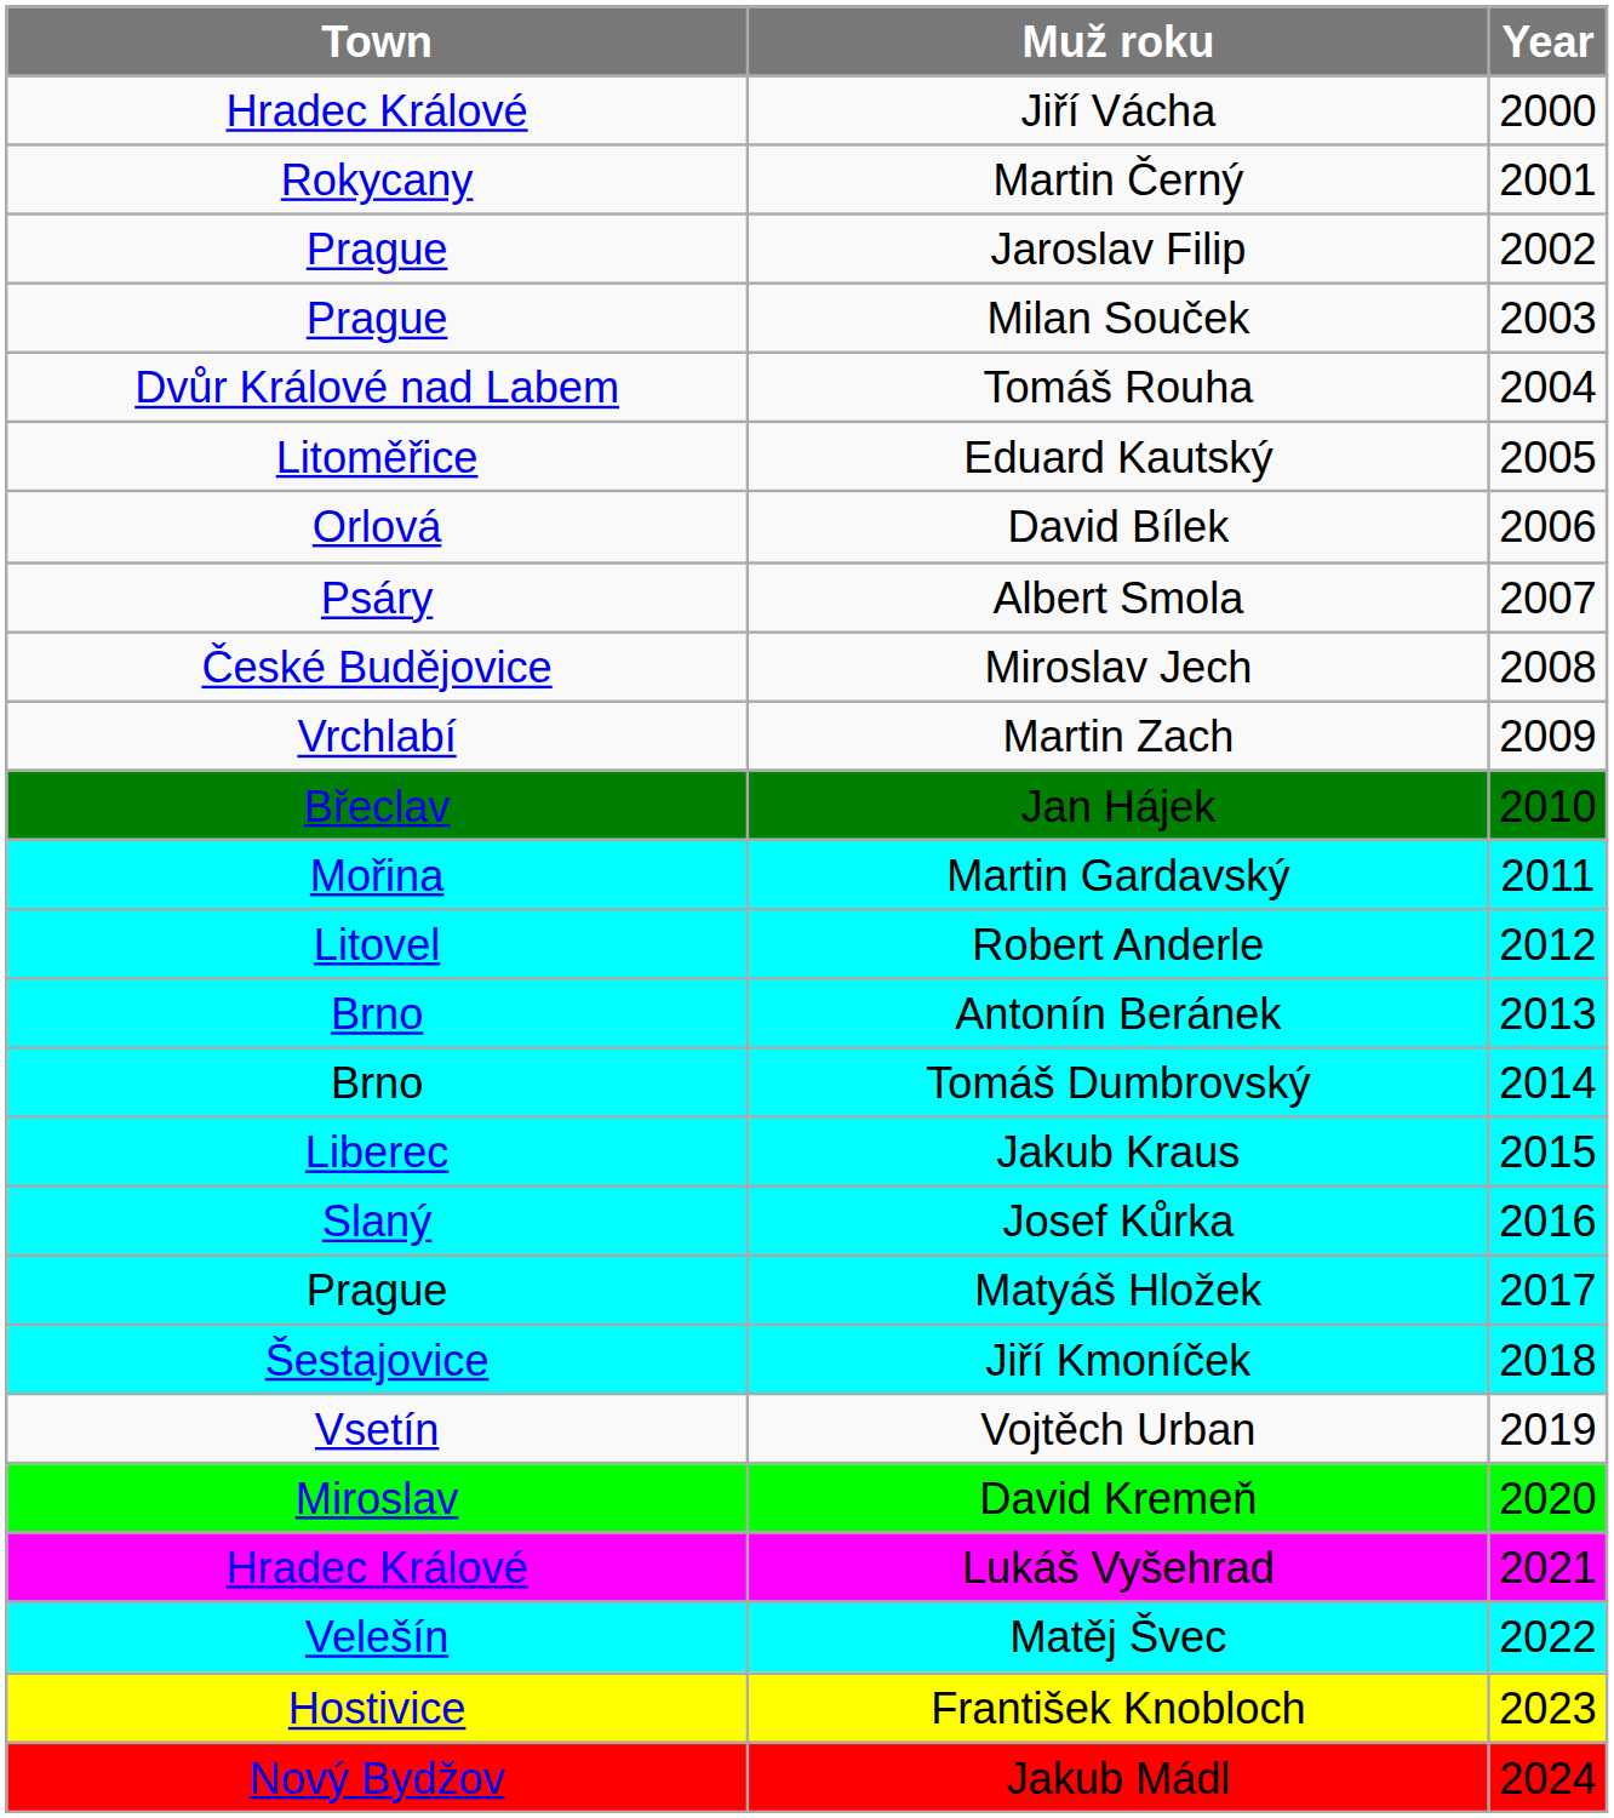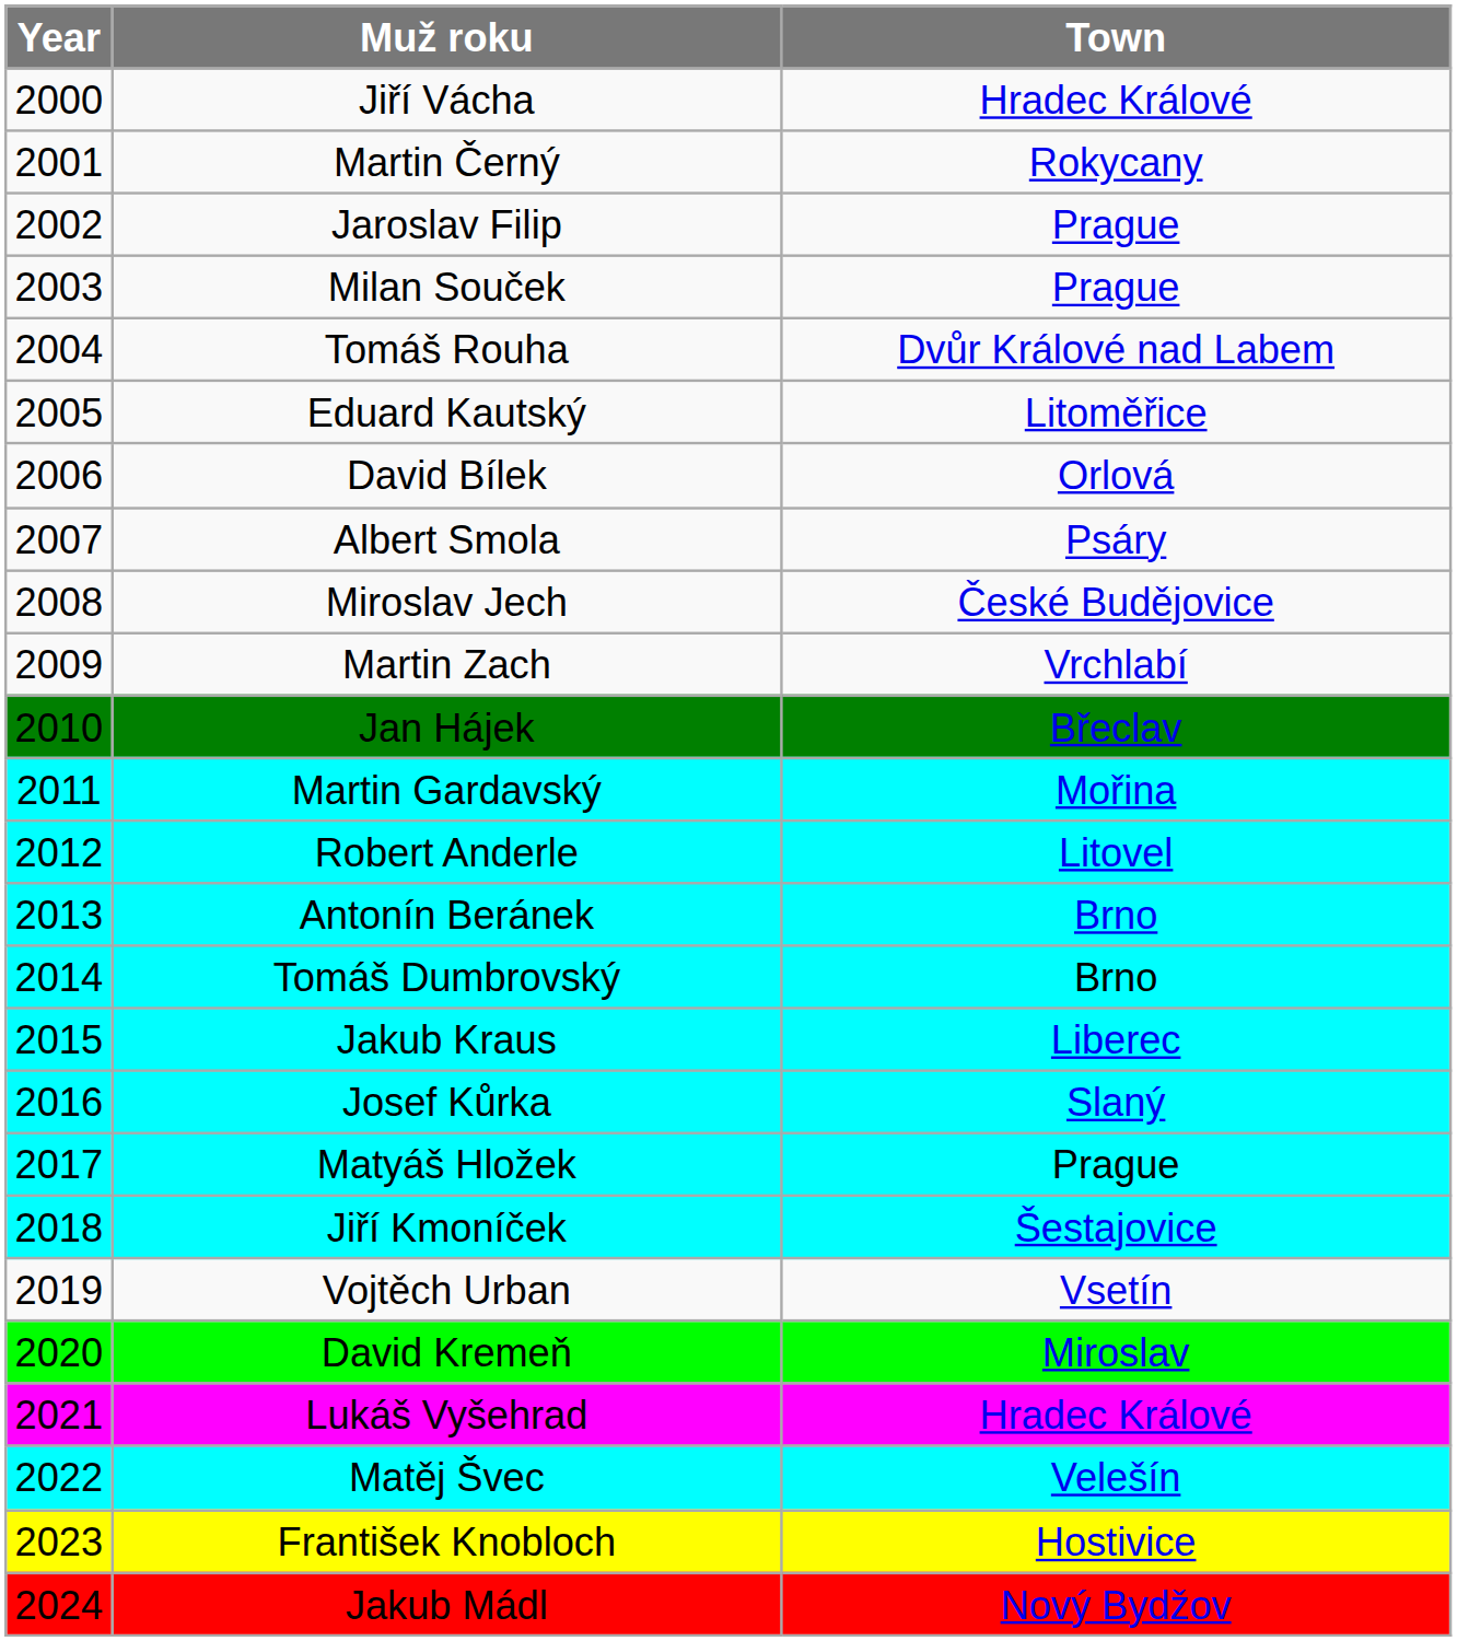 <table class="wikitable sortable" style="font-size: 95%; text-align:center">
 <tr>
+<th width="30" style="background-color:#787878;color:#FFFFFF;">Year</th>
+<th width="250" style="background-color:#787878;color:#FFFFFF;">Muž roku</th>
 <th width="250" style="background-color:#787878;color:#FFFFFF;">Town</th>
-<th width="250" style="background-color:#787878;color:#FFFFFF;">Muž roku</th>
-<th width="30" style="background-color:#787878;color:#FFFFFF;">Year</th>
 </tr>
 <tr>
+<td>2000</td>
+<td>Jiří Vácha</td>
 <td><a href='#'>Hradec Králové</a></td>
-<td>Jiří Vácha</td>
-<td>2000</td>
 </tr>
 <tr>
+<td>2001</td>
+<td>Martin Černý</td>
 <td><a href='#'>Rokycany</a></td>
-<td>Martin Černý</td>
-<td>2001</td>
 </tr>
 <tr>
+<td>2002</td>
+<td>Jaroslav Filip</td>
 <td><a href='#'>Prague</a></td>
-<td>Jaroslav Filip</td>
-<td>2002</td>
 </tr>
 <tr>
+<td>2003</td>
+<td>Milan Souček</td>
 <td><a href='#'>Prague</a></td>
-<td>Milan Souček</td>
-<td>2003</td>
 </tr>
 <tr>
+<td>2004</td>
+<td>Tomáš Rouha</td>
 <td><a href='#'>Dvůr Králové nad Labem</a></td>
-<td>Tomáš Rouha</td>
-<td>2004</td>
 </tr>
 <tr>
+<td>2005</td>
+<td>Eduard Kautský</td>
 <td><a href='#'>Litoměřice</a></td>
-<td>Eduard Kautský</td>
-<td>2005</td>
 </tr>
 <tr>
+<td>2006</td>
+<td>David Bílek</td>
 <td><a href='#'>Orlová</a></td>
-<td>David Bílek</td>
-<td>2006</td>
 </tr>
 <tr>
+<td>2007</td>
+<td>Albert Smola</td>
 <td><a href='#'>Psáry</a></td>
-<td>Albert Smola</td>
-<td>2007</td>
 </tr>
 <tr>
+<td>2008</td>
+<td>Miroslav Jech</td>
 <td><a href='#'>České Budějovice</a></td>
-<td>Miroslav Jech</td>
-<td>2008</td>
 </tr>
 <tr>
+<td>2009</td>
+<td>Martin Zach</td>
 <td><a href='#'>Vrchlabí</a></td>
-<td>Martin Zach</td>
-<td>2009</td>
 </tr>
 <tr style="background-color: green">
+<td>2010</td>
+<td>Jan Hájek</td>
 <td><a href='#'>Břeclav</a></td>
-<td>Jan Hájek</td>
-<td>2010</td>
 </tr>
 <tr style="background-color: aqua">
+<td>2011</td>
+<td>Martin Gardavský</td>
 <td><a href='#'>Mořina</a></td>
-<td>Martin Gardavský</td>
-<td>2011</td>
 </tr>
 <tr style="background-color: aqua">
+<td>2012</td>
+<td>Robert Anderle</td>
 <td><a href='#'>Litovel</a></td>
-<td>Robert Anderle</td>
-<td>2012</td>
 </tr>
 <tr style="background-color: aqua">
+<td>2013</td>
+<td>Antonín Beránek</td>
 <td><a href='#'>Brno</a></td>
-<td>Antonín Beránek</td>
-<td>2013</td>
 </tr>
 <tr style="background-color: aqua">
+<td>2014</td>
+<td>Tomáš Dumbrovský</td>
 <td>Brno</td>
-<td>Tomáš Dumbrovský</td>
-<td>2014</td>
 </tr>
 <tr style="background-color: aqua">
+<td>2015</td>
+<td>Jakub Kraus</td>
 <td><a href='#'>Liberec</a></td>
-<td>Jakub Kraus</td>
-<td>2015</td>
 </tr>
 <tr style="background-color: aqua">
+<td>2016</td>
+<td>Josef Kůrka</td>
 <td><a href='#'>Slaný</a></td>
-<td>Josef Kůrka</td>
-<td>2016</td>
 </tr>
 <tr style="background-color: aqua">
+<td>2017</td>
+<td>Matyáš Hložek</td>
 <td>Prague</td>
-<td>Matyáš Hložek</td>
-<td>2017</td>
 </tr>
 <tr style="background-color: aqua">
+<td>2018</td>
+<td>Jiří Kmoníček</td>
 <td><a href='#'>Šestajovice</a></td>
-<td>Jiří Kmoníček</td>
-<td>2018</td>
 </tr>
 <tr>
+<td>2019</td>
+<td>Vojtěch Urban</td>
 <td><a href='#'>Vsetín</a></td>
-<td>Vojtěch Urban</td>
-<td>2019</td>
 </tr>
 <tr style="background-color: lime">
+<td>2020</td>
+<td>David Kremeň</td>
 <td><a href='#'>Miroslav</a></td>
-<td>David Kremeň</td>
-<td>2020</td>
 </tr>
 <tr style="background-color: fuchsia">
+<td>2021</td>
+<td>Lukáš Vyšehrad</td>
 <td><a href='#'>Hradec Králové</a></td>
-<td>Lukáš Vyšehrad</td>
-<td>2021</td>
 </tr>
 <tr style="background-color: aqua">
+<td>2022</td>
+<td>Matěj Švec</td>
 <td><a href='#'>Velešín</a></td>
-<td>Matěj Švec</td>
-<td>2022</td>
 </tr>
 <tr style="background-color: yellow">
+<td>2023</td>
+<td>František Knobloch</td>
 <td><a href='#'>Hostivice</a></td>
-<td>František Knobloch</td>
-<td>2023</td>
 </tr>
 <tr style="background-color: red">
+<td>2024</td>
+<td>Jakub Mádl</td>
 <td><a href='#'>Nový Bydžov</a></td>
-<td>Jakub Mádl</td>
-<td>2024</td>
 </tr>
 </table>
